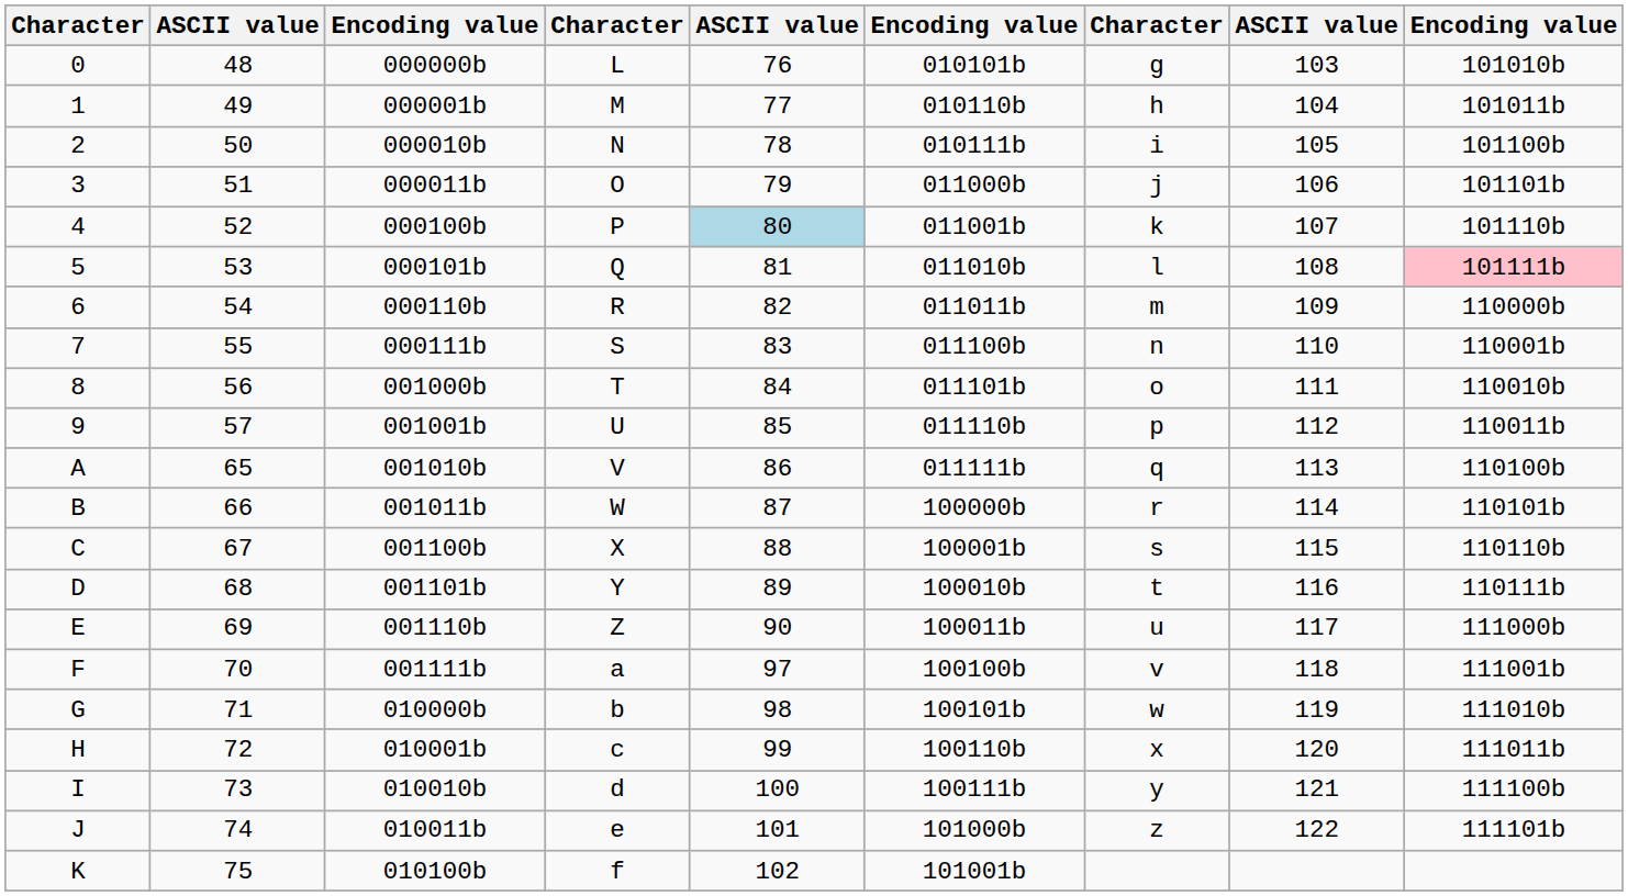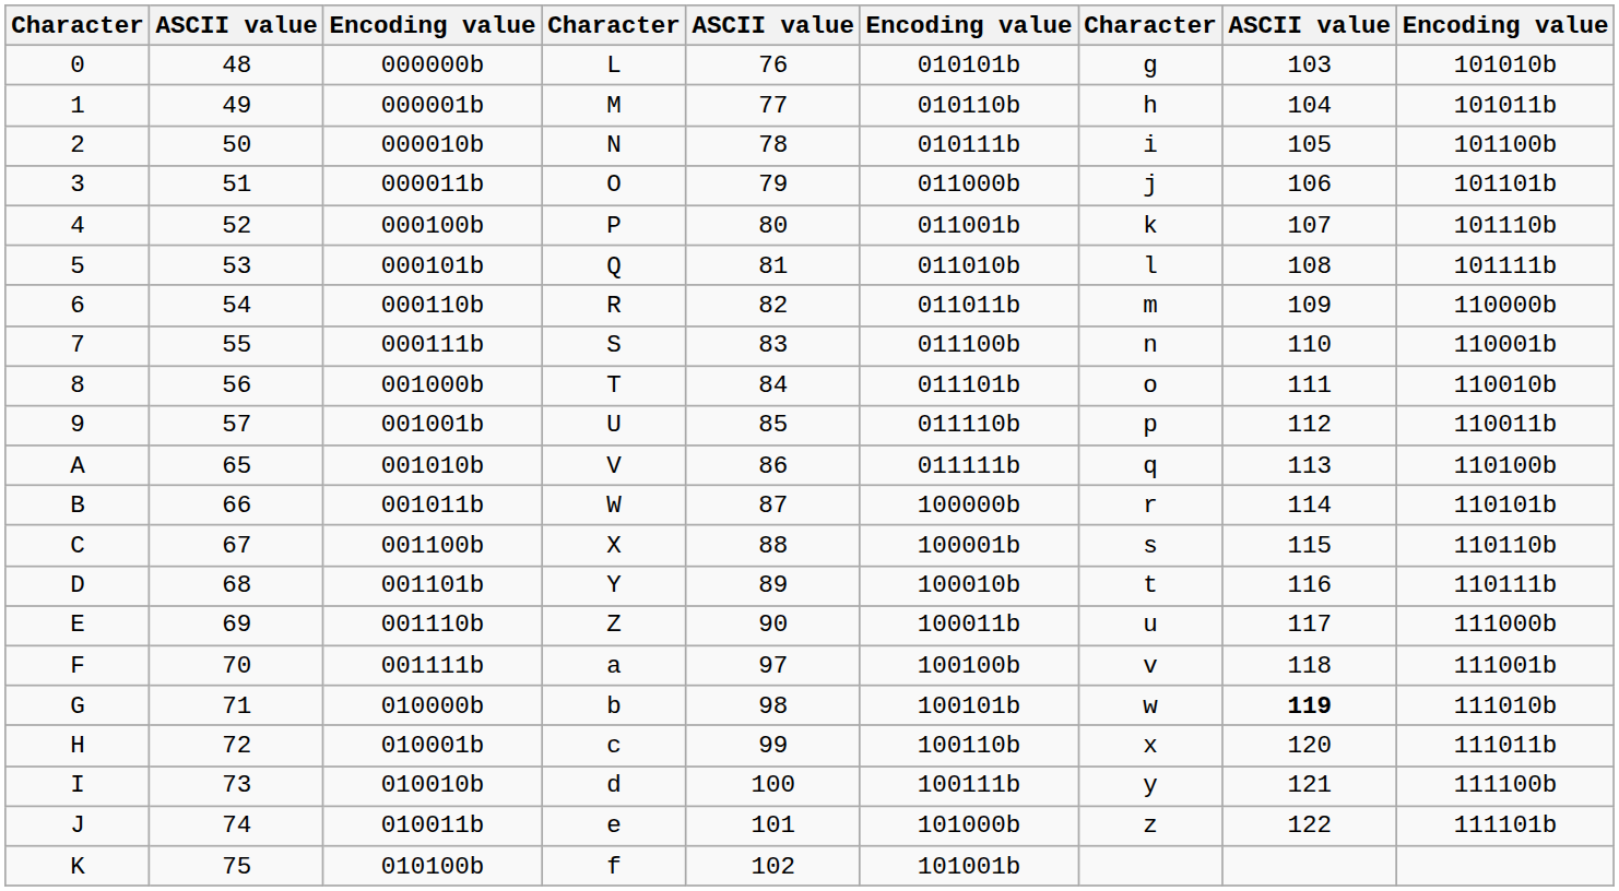 <table class="wikitable" border="1" style="text-align:center">
 <tr>
 <th>Character</th>
 <th>ASCII value</th>
 <th>Encoding value</th>
 <th>Character</th>
 <th>ASCII value</th>
 <th>Encoding value</th>
 <th>Character</th>
 <th>ASCII value</th>
 <th>Encoding value</th>
 </tr>
 <tr>
 <td>0</td>
 <td>48</td>
 <td>000000b</td>
 <td>L</td>
 <td>76</td>
 <td>010101b</td>
 <td>g</td>
 <td>103</td>
 <td>101010b</td>
 </tr>
 <tr>
 <td>1</td>
 <td>49</td>
 <td>000001b</td>
 <td>M</td>
 <td>77</td>
 <td>010110b</td>
 <td>h</td>
 <td>104</td>
 <td>101011b</td>
 </tr>
 <tr>
 <td>2</td>
 <td>50</td>
 <td>000010b</td>
 <td>N</td>
 <td>78</td>
 <td>010111b</td>
 <td>i</td>
 <td>105</td>
 <td>101100b</td>
 </tr>
 <tr>
 <td>3</td>
 <td>51</td>
 <td>000011b</td>
 <td>O</td>
 <td>79</td>
 <td>011000b</td>
 <td>j</td>
 <td>106</td>
 <td>101101b</td>
 </tr>
 <tr>
 <td>4</td>
 <td>52</td>
 <td>000100b</td>
 <td>P</td>
-<td style="background: lightblue;">80</td>
+<td>80</td>
 <td>011001b</td>
 <td>k</td>
 <td>107</td>
 <td>101110b</td>
 </tr>
 <tr>
 <td>5</td>
 <td>53</td>
 <td>000101b</td>
 <td>Q</td>
 <td>81</td>
 <td>011010b</td>
 <td>l</td>
 <td>108</td>
-<td style="background: pink;">101111b</td>
+<td>101111b</td>
 </tr>
 <tr>
 <td>6</td>
 <td>54</td>
 <td>000110b</td>
 <td>R</td>
 <td>82</td>
 <td>011011b</td>
 <td>m</td>
 <td>109</td>
 <td>110000b</td>
 </tr>
 <tr>
 <td>7</td>
 <td>55</td>
 <td>000111b</td>
 <td>S</td>
 <td>83</td>
 <td>011100b</td>
 <td>n</td>
 <td>110</td>
 <td>110001b</td>
 </tr>
 <tr>
 <td>8</td>
 <td>56</td>
 <td>001000b</td>
 <td>T</td>
 <td>84</td>
 <td>011101b</td>
 <td>o</td>
 <td>111</td>
 <td>110010b</td>
 </tr>
 <tr>
 <td>9</td>
 <td>57</td>
 <td>001001b</td>
 <td>U</td>
 <td>85</td>
 <td>011110b</td>
 <td>p</td>
 <td>112</td>
 <td>110011b</td>
 </tr>
 <tr>
 <td>A</td>
 <td>65</td>
 <td>001010b</td>
 <td>V</td>
 <td>86</td>
 <td>011111b</td>
 <td>q</td>
 <td>113</td>
 <td>110100b</td>
 </tr>
 <tr>
 <td>B</td>
 <td>66</td>
 <td>001011b</td>
 <td>W</td>
 <td>87</td>
 <td>100000b</td>
 <td>r</td>
 <td>114</td>
 <td>110101b</td>
 </tr>
 <tr>
 <td>C</td>
 <td>67</td>
 <td>001100b</td>
 <td>X</td>
 <td>88</td>
 <td>100001b</td>
 <td>s</td>
 <td>115</td>
 <td>110110b</td>
 </tr>
 <tr>
 <td>D</td>
 <td>68</td>
 <td>001101b</td>
 <td>Y</td>
 <td>89</td>
 <td>100010b</td>
 <td>t</td>
 <td>116</td>
 <td>110111b</td>
 </tr>
 <tr>
 <td>E</td>
 <td>69</td>
 <td>001110b</td>
 <td>Z</td>
 <td>90</td>
 <td>100011b</td>
 <td>u</td>
 <td>117</td>
 <td>111000b</td>
 </tr>
 <tr>
 <td>F</td>
 <td>70</td>
 <td>001111b</td>
 <td>a</td>
 <td>97</td>
 <td>100100b</td>
 <td>v</td>
 <td>118</td>
 <td>111001b</td>
 </tr>
 <tr>
 <td>G</td>
 <td>71</td>
 <td>010000b</td>
 <td>b</td>
 <td>98</td>
 <td>100101b</td>
 <td>w</td>
-<td>119</td>
+<td><strong>119</strong></td>
 <td>111010b</td>
 </tr>
 <tr>
 <td>H</td>
 <td>72</td>
 <td>010001b</td>
 <td>c</td>
 <td>99</td>
 <td>100110b</td>
 <td>x</td>
 <td>120</td>
 <td>111011b</td>
 </tr>
 <tr>
 <td>I</td>
 <td>73</td>
 <td>010010b</td>
 <td>d</td>
 <td>100</td>
 <td>100111b</td>
 <td>y</td>
 <td>121</td>
 <td>111100b</td>
 </tr>
 <tr>
 <td>J</td>
 <td>74</td>
 <td>010011b</td>
 <td>e</td>
 <td>101</td>
 <td>101000b</td>
 <td>z</td>
 <td>122</td>
 <td>111101b</td>
 </tr>
 <tr>
 <td>K</td>
 <td>75</td>
 <td>010100b</td>
 <td>f</td>
 <td>102</td>
 <td>101001b</td>
 <td></td>
 <td></td>
 <td></td>
 </tr>
 </table>
